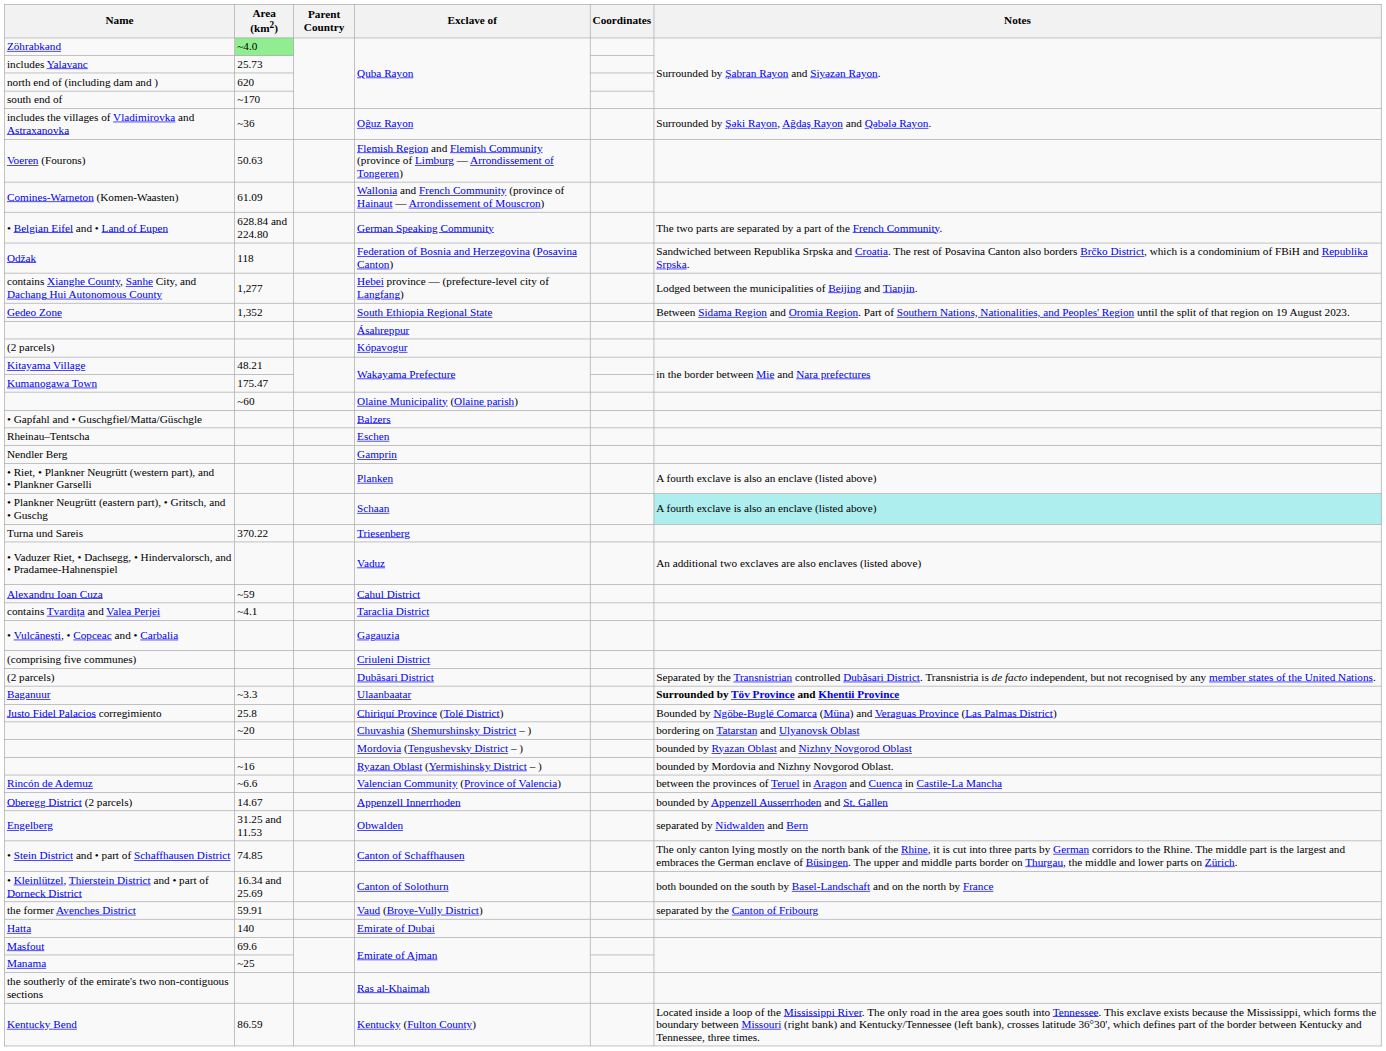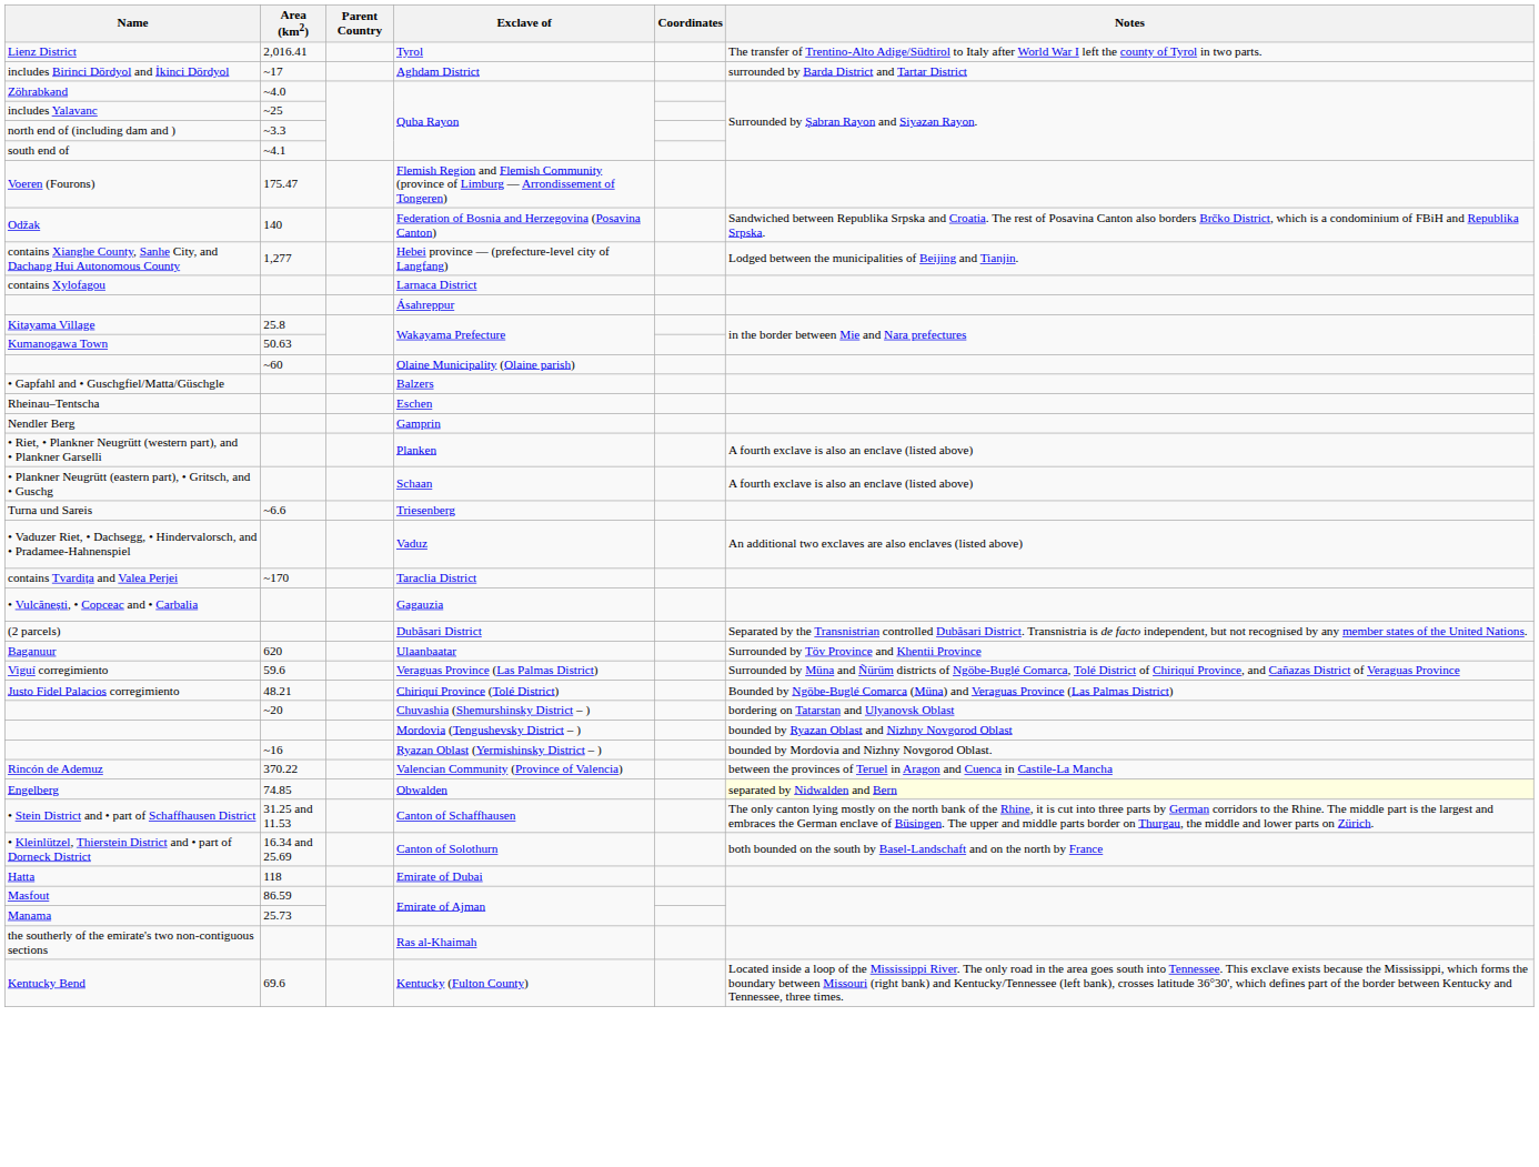 <table class="wikitable sortable" style="text-align:left; border:1px;; cellpadding:5; cellspacing:0;">
 <tr>
 <th>Name</th>
 <th data-sort-type="number">Area (km<sup>2</sup>)</th>
 <th>Parent Country</th>
 <th>Exclave of</th>
 <th>Coordinates</th>
 <th>Notes</th>
 </tr>
 <tr>
+<td><a href='#'>Lienz District</a></td>
+<td>2,016.41</td>
+<td></td>
+<td><a href='#'>Tyrol</a></td>
+<td></td>
+<td>The transfer of <a href='#'>Trentino-Alto Adige/Südtirol</a> to Italy after <a href='#'>World War I</a> left the <a href='#'>county of Tyrol</a> in two parts.</td>
+</tr>
+<tr>
+<td>includes <a href='#'>Birinci Dördyol</a> and <a href='#'>İkinci Dördyol</a></td>
+<td>~17</td>
+<td></td>
+<td><a href='#'>Aghdam District</a></td>
+<td></td>
+<td>surrounded by <a href='#'>Barda District</a> and <a href='#'>Tartar District</a></td>
+</tr>
+<tr>
 <td><a href='#'>Zöhrabkənd</a></td>
-<td style="background: lightgreen;">~4.0</td>
+<td>~4.0</td>
 <td rowspan="4"></td>
 <td rowspan="4"><a href='#'>Quba Rayon</a></td>
 <td></td>
 <td rowspan="4">Surrounded by <a href='#'>Şabran Rayon</a> and <a href='#'>Siyəzən Rayon</a>.</td>
 </tr>
 <tr>
 <td>includes <a href='#'>Yalavanc</a></td>
-<td>25.73</td>
+<td>~25</td>
 <td></td>
 </tr>
 <tr>
 <td>north end of  (including dam and )</td>
-<td>620</td>
+<td>~3.3</td>
 <td></td>
 </tr>
 <tr>
 <td>south end of </td>
-<td>~170</td>
+<td>~4.1</td>
 <td></td>
 </tr>
 <tr>
-<td>includes the villages of <a href='#'>Vladimirovka</a> and <a href='#'>Astraxanovka</a></td>
-<td>~36</td>
-<td></td>
-<td><a href='#'>Oğuz Rayon</a></td>
-<td></td>
-<td>Surrounded by <a href='#'>Şəki Rayon</a>, <a href='#'>Ağdaş Rayon</a> and <a href='#'>Qəbələ Rayon</a>.</td>
-</tr>
-<tr>
 <td><a href='#'>Voeren</a> (Fourons)</td>
-<td>50.63</td>
+<td>175.47</td>
 <td></td>
 <td><a href='#'>Flemish Region</a> and <a href='#'>Flemish Community</a> (province of <a href='#'>Limburg</a> — <a href='#'>Arrondissement of Tongeren</a>)</td>
 <td></td>
 <td></td>
 </tr>
 <tr>
-<td><a href='#'>Comines-Warneton</a> (Komen-Waasten)</td>
-<td>61.09</td>
-<td></td>
-<td><a href='#'>Wallonia</a> and <a href='#'>French Community</a> (province of <a href='#'>Hainaut</a> — <a href='#'>Arrondissement of Mouscron</a>)</td>
-<td></td>
-<td></td>
-</tr>
-<tr>
-<td>• <a href='#'>Belgian Eifel</a> and • <a href='#'>Land of Eupen</a></td>
-<td>628.84 and 224.80</td>
-<td></td>
-<td><a href='#'>German Speaking Community</a></td>
-<td><br></td>
-<td>The two parts are separated by a part of the <a href='#'>French Community</a>.</td>
-</tr>
-<tr>
 <td><a href='#'>Odžak</a></td>
-<td>118</td>
+<td>140</td>
 <td></td>
 <td><a href='#'>Federation of Bosnia and Herzegovina</a> (<a href='#'>Posavina Canton</a>)</td>
 <td></td>
 <td>Sandwiched between Republika Srpska and <a href='#'>Croatia</a>. The rest of Posavina Canton also borders <a href='#'>Brčko District</a>, which is a condominium of FBiH and <a href='#'>Republika Srpska</a>.</td>
 </tr>
 <tr>
 <td>contains <a href='#'>Xianghe County</a>, <a href='#'>Sanhe</a> City, and <a href='#'>Dachang Hui Autonomous County</a></td>
 <td>1,277</td>
 <td></td>
 <td><a href='#'>Hebei</a> province — (prefecture-level city of <a href='#'>Langfang</a>)</td>
 <td></td>
 <td>Lodged between the municipalities of <a href='#'>Beijing</a> and <a href='#'>Tianjin</a>.</td>
 </tr>
 <tr>
-<td><a href='#'>Gedeo Zone</a></td>
-<td>1,352</td>
+<td>contains <a href='#'>Xylofagou</a></td>
 <td></td>
-<td><a href='#'>South Ethiopia Regional State</a></td>
 <td></td>
-<td>Between <a href='#'>Sidama Region</a> and <a href='#'>Oromia Region</a>. Part of <a href='#'>Southern Nations, Nationalities, and Peoples' Region</a> until the split of that region on 19 August 2023.</td>
+<td><a href='#'>Larnaca District</a></td>
+<td></td>
+<td></td>
 </tr>
 <tr>
 <td></td>
 <td></td>
 <td></td>
 <td><a href='#'>Ásahreppur</a></td>
 <td></td>
 <td></td>
 </tr>
 <tr>
-<td>(2 parcels)</td>
-<td></td>
-<td></td>
-<td><a href='#'>Kópavogur</a></td>
-<td><br></td>
-<td></td>
-</tr>
-<tr>
 <td><a href='#'>Kitayama Village</a></td>
-<td>48.21</td>
+<td>25.8</td>
 <td rowspan="2"></td>
 <td rowspan="2"><a href='#'>Wakayama Prefecture</a></td>
 <td></td>
 <td rowspan="2">in the border between <a href='#'>Mie</a> and <a href='#'>Nara prefectures</a></td>
 </tr>
 <tr>
 <td><a href='#'>Kumanogawa Town</a></td>
-<td>175.47</td>
+<td>50.63</td>
 <td></td>
 </tr>
 <tr>
 <td></td>
 <td>~60</td>
 <td></td>
 <td><a href='#'>Olaine Municipality</a> (<a href='#'>Olaine parish</a>)</td>
 <td></td>
 <td></td>
 </tr>
 <tr>
 <td>• Gapfahl and • Guschgfiel/Matta/Güschgle</td>
 <td></td>
 <td></td>
 <td><a href='#'>Balzers</a></td>
 <td><br></td>
 <td></td>
 </tr>
 <tr>
 <td>Rheinau–Tentscha</td>
 <td></td>
 <td></td>
 <td><a href='#'>Eschen</a></td>
 <td></td>
 <td></td>
 </tr>
 <tr>
 <td>Nendler Berg</td>
 <td></td>
 <td></td>
 <td><a href='#'>Gamprin</a></td>
 <td></td>
 <td></td>
 </tr>
 <tr>
 <td>• Riet, • Plankner Neugrütt (western part), and • Plankner Garselli</td>
 <td></td>
 <td></td>
 <td><a href='#'>Planken</a></td>
 <td><br><br></td>
 <td>A fourth exclave is also an enclave (listed above)</td>
 </tr>
 <tr>
 <td>• Plankner Neugrütt (eastern part), • Gritsch, and • Guschg</td>
 <td></td>
 <td></td>
 <td><a href='#'>Schaan</a></td>
 <td><br><br></td>
-<td style="background: paleturquoise;">A fourth exclave is also an enclave (listed above)</td>
+<td>A fourth exclave is also an enclave (listed above)</td>
 </tr>
 <tr>
 <td>Turna und Sareis</td>
-<td>370.22</td>
+<td>~6.6</td>
 <td></td>
 <td><a href='#'>Triesenberg</a></td>
 <td></td>
 <td></td>
 </tr>
 <tr>
 <td>• Vaduzer Riet, • Dachsegg, • Hindervalorsch, and • Pradamee-Hahnenspiel</td>
 <td></td>
 <td></td>
 <td><a href='#'>Vaduz</a></td>
 <td><br><br><br></td>
 <td>An additional two exclaves are also enclaves (listed above)</td>
 </tr>
 <tr>
-<td><a href='#'>Alexandru Ioan Cuza</a></td>
-<td>~59</td>
-<td></td>
-<td><a href='#'>Cahul District</a></td>
-<td></td>
-<td></td>
-</tr>
-<tr>
 <td>contains <a href='#'>Tvardița</a> and <a href='#'>Valea Perjei</a></td>
-<td>~4.1</td>
+<td>~170</td>
 <td></td>
 <td><a href='#'>Taraclia District</a></td>
 <td></td>
 <td></td>
 </tr>
 <tr>
 <td>• <a href='#'>Vulcănești</a>, • <a href='#'>Copceac</a> and • <a href='#'>Carbalia</a></td>
 <td></td>
 <td></td>
 <td><a href='#'>Gagauzia</a></td>
 <td><br><br></td>
 <td></td>
 </tr>
 <tr>
-<td>(comprising five communes)</td>
-<td></td>
-<td></td>
-<td><a href='#'>Criuleni District</a></td>
-<td></td>
-<td></td>
-</tr>
-<tr>
 <td>(2 parcels)</td>
 <td></td>
 <td></td>
 <td><a href='#'>Dubăsari District</a></td>
 <td><br></td>
 <td>Separated by the <a href='#'>Transnistrian</a> controlled <a href='#'>Dubăsari District</a>. Transnistria is <em>de facto</em> independent, but not recognised by any <a href='#'>member states of the United Nations</a>.</td>
 </tr>
 <tr>
 <td><a href='#'>Baganuur</a></td>
-<td>~3.3</td>
+<td>620</td>
 <td></td>
 <td><a href='#'>Ulaanbaatar</a></td>
 <td></td>
-<td><strong>Surrounded by <a href='#'>Töv Province</a> and <a href='#'>Khentii Province</a></strong></td>
+<td>Surrounded by <a href='#'>Töv Province</a> and <a href='#'>Khentii Province</a></td>
+</tr>
+<tr>
+<td><a href='#'>Viguí</a> corregimiento</td>
+<td>59.6</td>
+<td></td>
+<td><a href='#'>Veraguas Province</a> (<a href='#'>Las Palmas District</a>)</td>
+<td></td>
+<td>Surrounded by <a href='#'>Müna</a> and <a href='#'>Ñürüm</a> districts of <a href='#'>Ngöbe-Buglé Comarca</a>, <a href='#'>Tolé District</a> of <a href='#'>Chiriquí Province</a>, and <a href='#'>Cañazas District</a> of <a href='#'>Veraguas Province</a></td>
 </tr>
 <tr>
 <td><a href='#'>Justo Fidel Palacios</a> corregimiento</td>
-<td>25.8</td>
+<td>48.21</td>
 <td></td>
 <td><a href='#'>Chiriquí Province</a> (<a href='#'>Tolé District</a>)</td>
 <td></td>
 <td>Bounded by <a href='#'>Ngöbe-Buglé Comarca</a> (<a href='#'>Müna</a>) and <a href='#'>Veraguas Province</a> (<a href='#'>Las Palmas District</a>)</td>
 </tr>
 <tr>
 <td></td>
 <td>~20</td>
 <td></td>
 <td><a href='#'>Chuvashia</a> (<a href='#'>Shemurshinsky District</a> – )</td>
 <td></td>
 <td>bordering on <a href='#'>Tatarstan</a> and <a href='#'>Ulyanovsk Oblast</a></td>
 </tr>
 <tr>
 <td></td>
 <td></td>
 <td></td>
 <td><a href='#'>Mordovia</a> (<a href='#'>Tengushevsky District</a> – )</td>
 <td></td>
 <td>bounded by <a href='#'>Ryazan Oblast</a> and <a href='#'>Nizhny Novgorod Oblast</a></td>
 </tr>
 <tr>
 <td></td>
 <td>~16</td>
 <td></td>
 <td><a href='#'>Ryazan Oblast</a> (<a href='#'>Yermishinsky District</a> – )</td>
 <td></td>
 <td>bounded by Mordovia and Nizhny Novgorod Oblast.</td>
 </tr>
 <tr>
 <td><a href='#'>Rincón de Ademuz</a></td>
-<td>~6.6</td>
+<td>370.22</td>
 <td></td>
 <td><a href='#'>Valencian Community</a> (<a href='#'>Province of Valencia</a>)</td>
 <td></td>
 <td>between the provinces of <a href='#'>Teruel</a> in <a href='#'>Aragon</a> and <a href='#'>Cuenca</a> in <a href='#'>Castile-La Mancha</a></td>
 </tr>
 <tr>
-<td><a href='#'>Oberegg District</a> (2 parcels)</td>
-<td>14.67</td>
-<td></td>
-<td><a href='#'>Appenzell Innerrhoden</a></td>
-<td><br></td>
-<td>bounded by <a href='#'>Appenzell Ausserrhoden</a> and <a href='#'>St. Gallen</a></td>
-</tr>
-<tr>
 <td><a href='#'>Engelberg</a></td>
-<td>31.25 and 11.53</td>
+<td>74.85</td>
 <td></td>
 <td><a href='#'>Obwalden</a></td>
 <td></td>
-<td>separated by <a href='#'>Nidwalden</a> and <a href='#'>Bern</a></td>
+<td style="background: lightyellow;">separated by <a href='#'>Nidwalden</a> and <a href='#'>Bern</a></td>
 </tr>
 <tr>
 <td>• <a href='#'>Stein District</a> and • part of <a href='#'>Schaffhausen District</a></td>
-<td>74.85</td>
+<td>31.25 and 11.53</td>
 <td></td>
 <td><a href='#'>Canton of Schaffhausen</a></td>
 <td><br></td>
 <td>The only canton lying mostly on the north bank of the <a href='#'>Rhine</a>, it is cut into three parts by <a href='#'>German</a> corridors to the Rhine. The middle part is the largest and embraces the German enclave of <a href='#'>Büsingen</a>. The upper and middle parts border on <a href='#'>Thurgau</a>, the middle and lower parts on <a href='#'>Zürich</a>.</td>
 </tr>
 <tr>
 <td>• <a href='#'>Kleinlützel</a>, <a href='#'>Thierstein District</a> and • part of <a href='#'>Dorneck District</a></td>
 <td>16.34 and 25.69</td>
 <td></td>
 <td><a href='#'>Canton of Solothurn</a></td>
 <td><br></td>
 <td>both bounded on the south by <a href='#'>Basel-Landschaft</a> and on the north by <a href='#'>France</a></td>
 </tr>
 <tr>
-<td>the former <a href='#'>Avenches District</a></td>
-<td>59.91</td>
-<td></td>
-<td><a href='#'>Vaud</a> (<a href='#'>Broye-Vully District</a>)</td>
-<td></td>
-<td>separated by the <a href='#'>Canton of Fribourg</a></td>
-</tr>
-<tr>
 <td><a href='#'>Hatta</a></td>
-<td>140</td>
+<td>118</td>
 <td></td>
 <td><a href='#'>Emirate of Dubai</a></td>
 <td></td>
 <td></td>
 </tr>
 <tr>
 <td><a href='#'>Masfout</a></td>
-<td>69.6</td>
+<td>86.59</td>
 <td rowspan="2"></td>
 <td rowspan="2"><a href='#'>Emirate of Ajman</a></td>
 <td></td>
 <td rowspan="2"></td>
 </tr>
 <tr>
 <td><a href='#'>Manama</a></td>
-<td>~25</td>
+<td>25.73</td>
 <td></td>
 </tr>
 <tr>
 <td>the southerly of the emirate's two non-contiguous sections</td>
 <td></td>
 <td></td>
 <td><a href='#'>Ras al-Khaimah</a></td>
 <td></td>
 <td></td>
 </tr>
 <tr>
 <td><a href='#'>Kentucky Bend</a></td>
-<td>86.59</td>
+<td>69.6</td>
 <td></td>
 <td><a href='#'>Kentucky</a> (<a href='#'>Fulton County</a>)</td>
 <td></td>
 <td>Located inside a loop of the <a href='#'>Mississippi River</a>. The only road in the area goes south into <a href='#'>Tennessee</a>. This exclave exists because the Mississippi, which forms the boundary between <a href='#'>Missouri</a> (right bank) and Kentucky/Tennessee (left bank), crosses latitude 36°30', which defines part of the border between Kentucky and Tennessee, three times.</td>
 </tr>
 </table>
